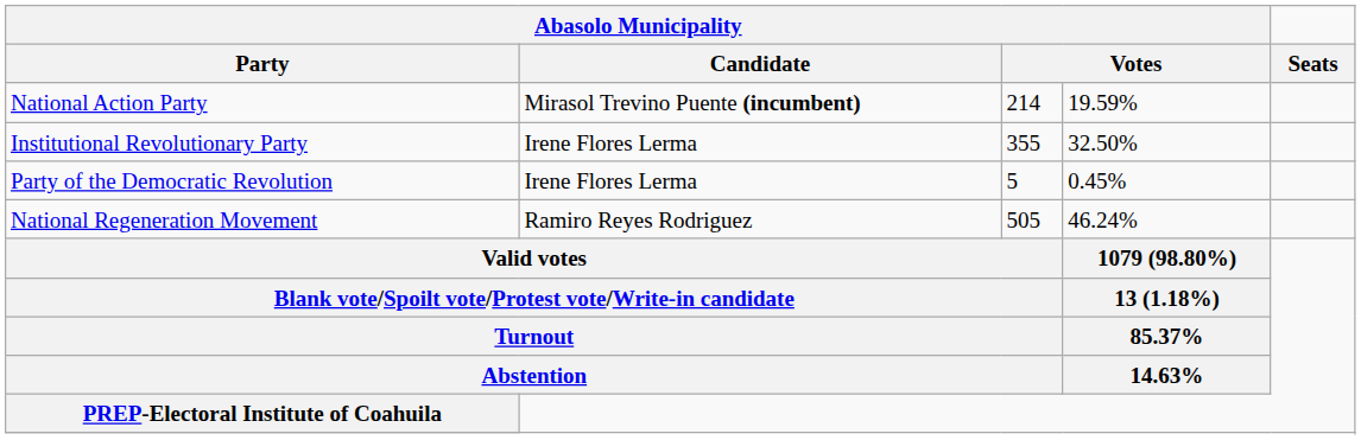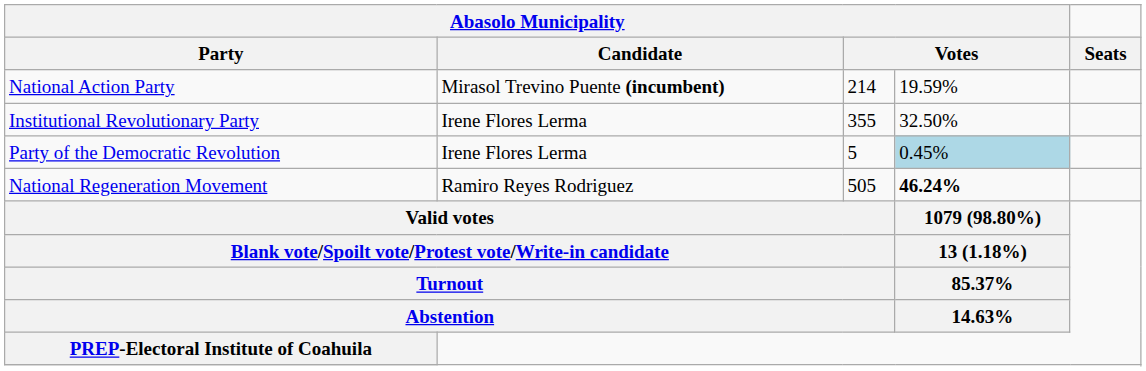 <table class="wikitable collapsible collapsed" style="font-size:95%; width:72%; line-height:126%; margin-bottom:0">
 <tr>
 <th Colspan = 4><strong><a href='#'>Abasolo Municipality</a></strong></th>
 </tr>
 <tr style="background:#efefef;">
 <th Colspan = 1><strong>Party</strong></th>
 <th Colspan = 1><strong>Candidate</strong></th>
 <th Colspan = 2><strong>Votes</strong></th>
 <th Colspan = 1><strong>Seats</strong></th>
 </tr>
 <tr>
 <td> <a href='#'>National Action Party</a></td>
 <td>Mirasol Trevino Puente <strong>(incumbent)</strong></td>
 <td>214</td>
 <td>19.59%</td>
 <td></td>
 </tr>
 <tr>
 <td> <a href='#'>Institutional Revolutionary Party</a></td>
 <td>Irene Flores Lerma</td>
 <td>355</td>
 <td>32.50%</td>
 <td></td>
 </tr>
 <tr>
 <td> <a href='#'>Party of the Democratic Revolution</a></td>
 <td>Irene Flores Lerma</td>
 <td>5</td>
-<td>0.45%</td>
+<td style="background: lightblue;">0.45%</td>
 <td></td>
 </tr>
 <tr>
 <td> <a href='#'>National Regeneration Movement</a></td>
 <td>Ramiro Reyes Rodriguez</td>
 <td>505</td>
-<td>46.24%</td>
+<td><strong>46.24%</strong></td>
 <td></td>
 </tr>
 <tr>
 <th Colspan = 3><strong>Valid votes</strong></th>
 <th>1079 (98.80%)</th>
 </tr>
 <tr>
 <th Colspan = 3><strong><a href='#'>Blank vote</a>/<a href='#'>Spoilt vote</a>/<a href='#'>Protest vote</a>/<a href='#'>Write-in candidate</a></strong></th>
 <th>13 (1.18%)</th>
 </tr>
 <tr>
 <th Colspan = 3><strong><a href='#'>Turnout</a></strong></th>
 <th>85.37%</th>
 </tr>
 <tr>
 <th Colspan = 3><strong><a href='#'>Abstention</a></strong></th>
 <th>14.63%</th>
 </tr>
 <tr>
 <th Colspan =><a href='#'>PREP</a>-Electoral Institute of Coahuila</th>
 </tr>
 <tr>
 </tr>
 </table>
